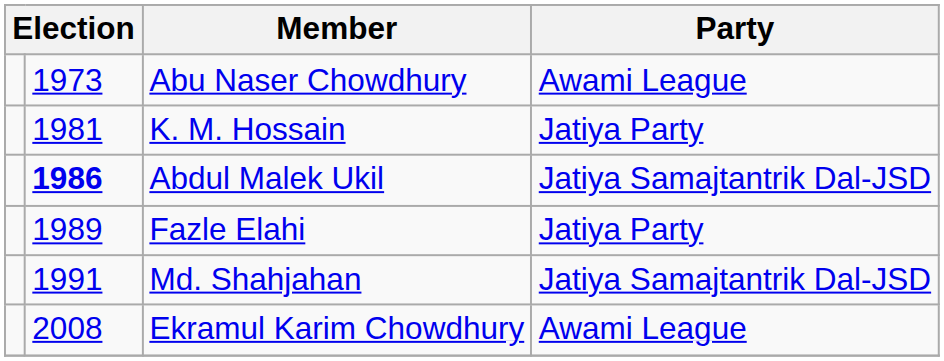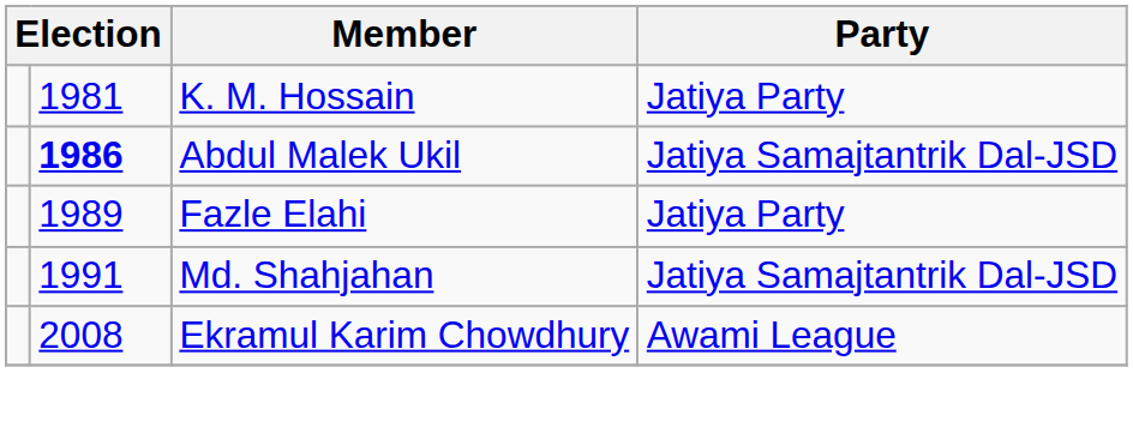 <table class="wikitable">
 <tr>
 <th colspan="2">Election</th>
 <th>Member</th>
 <th>Party</th>
-</tr>
-<tr>
-<td style="background-color:"></td>
-<td><a href='#'>1973</a></td>
-<td><a href='#'>Abu Naser Chowdhury</a></td>
-<td><a href='#'>Awami League</a></td>
 </tr>
 <tr>
 <td style="background-color:"></td>
 <td><a href='#'>1981</a></td>
 <td><a href='#'>K. M. Hossain</a></td>
 <td><a href='#'>Jatiya Party</a></td>
 </tr>
 <tr>
 <td style="background-color:"></td>
 <td><strong><a href='#'>1986</a></strong></td>
 <td><a href='#'>Abdul Malek Ukil</a></td>
 <td><a href='#'>Jatiya Samajtantrik Dal-JSD</a></td>
 </tr>
 <tr>
 <td style="background-color:"></td>
 <td><a href='#'>1989</a></td>
 <td><a href='#'>Fazle Elahi</a></td>
 <td><a href='#'>Jatiya Party</a></td>
 </tr>
 <tr>
 <td style="background-color:"></td>
 <td><a href='#'>1991</a></td>
 <td><a href='#'>Md. Shahjahan</a></td>
 <td><a href='#'>Jatiya Samajtantrik Dal-JSD</a></td>
 </tr>
 <tr>
 <td style="background-color:"></td>
 <td><a href='#'>2008</a></td>
 <td><a href='#'>Ekramul Karim Chowdhury</a></td>
 <td><a href='#'>Awami League</a></td>
 </tr>
 <tr>
 </tr>
 </table>
